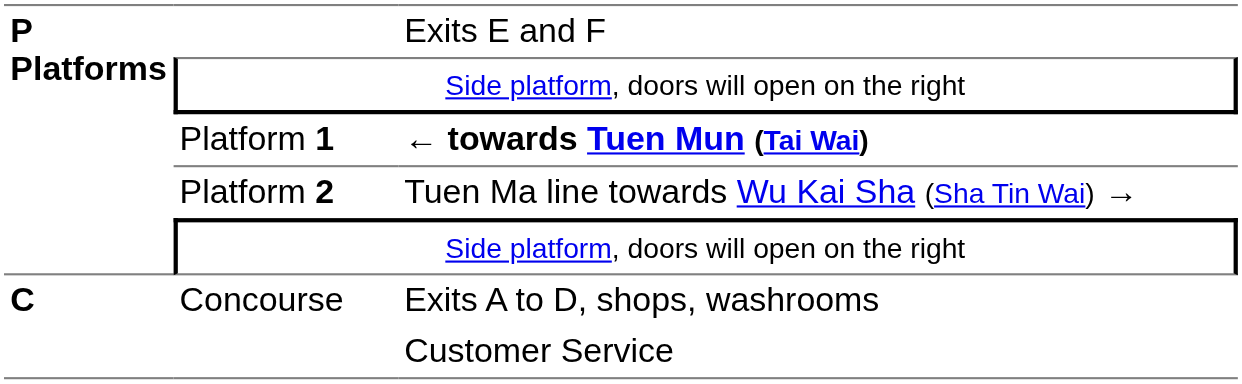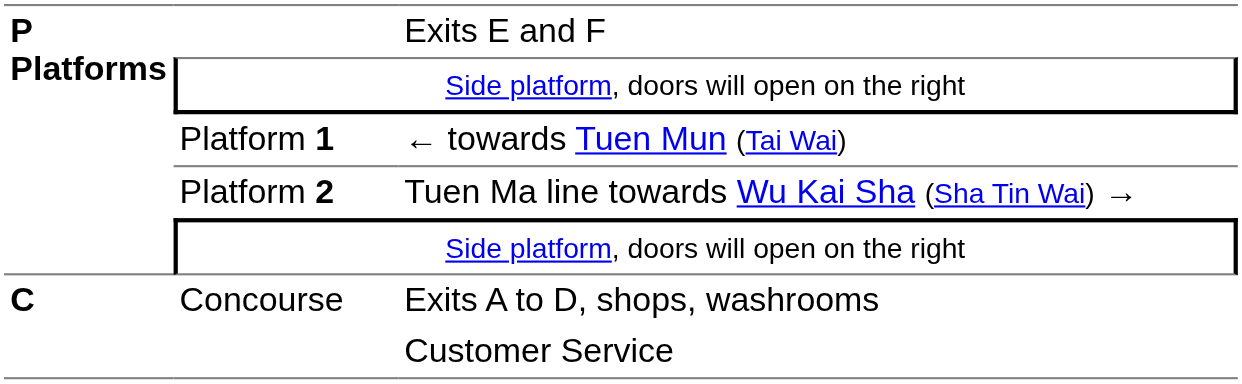 <table border=0 cellspacing=0 cellpadding=3>
 <tr>
 <td style="border-top:solid 1px gray;border-bottom:solid 1px gray;width:50px;vertical-align:top;" rowspan=5><strong>P<br>Platforms</strong></td>
 <td style="border-top:solid 1px gray;width:100px;"></td>
 <td style="border-top:solid 1px gray; width:390px;">Exits E and F</td>
 </tr>
 <tr>
 <td style="border-top:solid 1px gray;border-right:solid 2px black;border-left:solid 2px black;border-bottom:solid 2px black;text-align:center;" colspan=2><small><a href='#'>Side platform</a>, doors will open on the right</small></td>
 </tr>
 <tr>
 <td style="border-bottom:solid 1px gray;width:100px;">Platform <span><strong>1</strong></span></td>
-<td style="border-bottom:solid 1px gray;width:390px;"><strong>←  towards <a href='#'>Tuen Mun</a> <small>(<a href='#'>Tai Wai</a>)</small></strong></td>
+<td style="border-bottom:solid 1px gray;width:390px;">←  towards <a href='#'>Tuen Mun</a> <small>(<a href='#'>Tai Wai</a>)</small></td>
 </tr>
 <tr>
 <td style="border-bottom:solid 0px gray;">Platform <span><strong>2</strong></span></td>
 <td style="border-bottom:solid 0px gray;">  Tuen Ma line towards <a href='#'>Wu Kai Sha</a> <small>(<a href='#'>Sha Tin Wai</a>)</small> →</td>
 </tr>
 <tr>
 <td style="border-top:solid 2px black;border-right:solid 2px black;border-left:solid 2px black;border-bottom:solid 1px gray;text-align:center;" colspan=2><small><a href='#'>Side platform</a>, doors will open on the right</small></td>
 </tr>
 <tr>
 <td style="border-bottom:solid 1px gray;vertical-align:top;" rowspan=3><strong>C</strong></td>
 <td style="border-bottom:solid 1px gray;vertical-align:top;" rowspan=3>Concourse</td>
 <td>Exits A to D, shops, washrooms</td>
 </tr>
 <tr>
 <td style="border-bottom:solid 1px gray;">Customer Service</td>
 </tr>
 </table>
